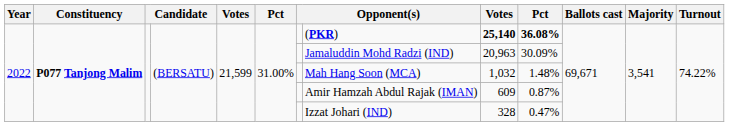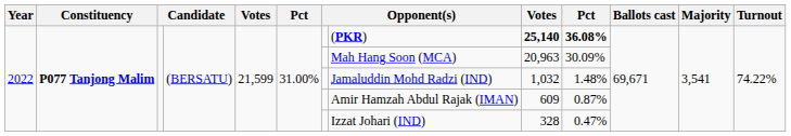 <table class="wikitable" style="margin:0.5em ; font-size:95%">
 <tr>
 <th>Year</th>
 <th>Constituency</th>
 <th colspan=2>Candidate</th>
 <th>Votes</th>
 <th>Pct</th>
 <th colspan=2>Opponent(s)</th>
 <th>Votes</th>
 <th>Pct</th>
 <th>Ballots cast</th>
 <th>Majority</th>
 <th>Turnout</th>
 </tr>
 <tr>
 <td rowspan=5><a href='#'>2022</a></td>
 <td rowspan=5><strong>P077 <a href='#'>Tanjong Malim</a></strong></td>
 <td rowspan=5 bgcolor=></td>
 <td rowspan=5> (<a href='#'>BERSATU</a>)</td>
 <td rowspan=5 align="right">21,599</td>
 <td rowspan=5>31.00%</td>
 <td></td>
 <td> (<a href='#'><strong>PKR</strong></a>)</td>
 <td align="right"><strong>25,140</strong></td>
 <td><strong>36.08%</strong></td>
 <td rowspan=5>69,671</td>
 <td rowspan=5>3,541</td>
 <td rowspan=5>74.22%</td>
 </tr>
 <tr>
 <td></td>
-<td><a href='#'>Jamaluddin Mohd Radzi</a>  (<a href='#'>IND</a>)</td>
+<td><a href='#'>Mah Hang Soon</a> (<a href='#'>MCA</a>)</td>
 <td align="right">20,963</td>
 <td>30.09%</td>
 </tr>
 <tr>
 <td></td>
-<td><a href='#'>Mah Hang Soon</a> (<a href='#'>MCA</a>)</td>
+<td><a href='#'>Jamaluddin Mohd Radzi</a>  (<a href='#'>IND</a>)</td>
 <td align="right">1,032</td>
 <td align="right">1.48%</td>
 </tr>
 <tr>
 <td bgcolor=></td>
 <td>Amir Hamzah Abdul Rajak (<a href='#'>IMAN</a>)</td>
 <td align="right">609</td>
 <td align="right">0.87%</td>
 </tr>
 <tr>
 <td></td>
 <td>Izzat Johari (<a href='#'>IND</a>)</td>
 <td align="right">328</td>
 <td align="right">0.47%</td>
 </tr>
 </table>
